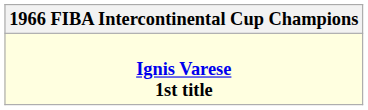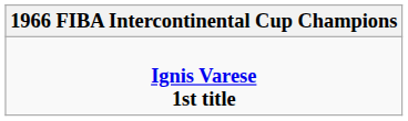 <table class=wikitable style="text-align:center; margin:auto">
 <tr>
 <th>1966 FIBA Intercontinental Cup Champions</th>
 </tr>
 <tr>
-<td style="background: lightyellow;"><br><strong><a href='#'>Ignis Varese</a></strong><br><strong>1st title</strong></td>
+<td><br><strong><a href='#'>Ignis Varese</a></strong><br><strong>1st title</strong></td>
 </tr>
 </table>
